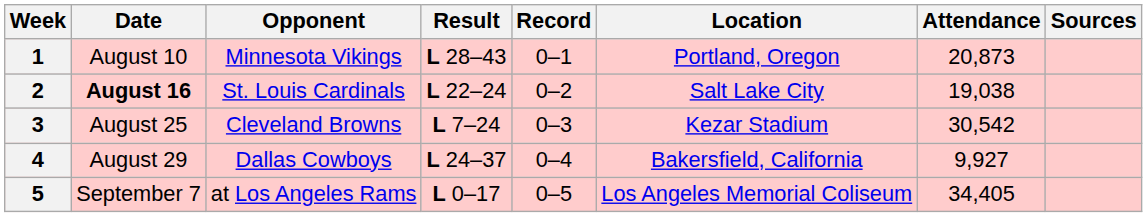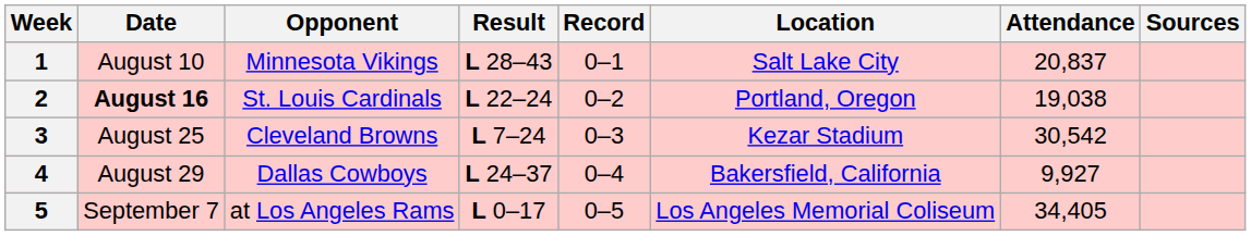 <table class="wikitable" style="text-align:center">
 <tr>
 <th>Week</th>
 <th>Date</th>
 <th>Opponent</th>
 <th>Result</th>
 <th>Record</th>
 <th>Location</th>
 <th>Attendance</th>
 <th>Sources</th>
 </tr>
 <tr style="background:#fcc">
 <th>1</th>
 <td>August 10</td>
 <td><a href='#'>Minnesota Vikings</a></td>
 <td><strong>L</strong> 28–43</td>
 <td>0–1</td>
-<td><a href='#'>Portland, Oregon</a></td>
-<td>20,873</td>
+<td><a href='#'>Salt Lake City</a></td>
+<td>20,837</td>
 <td></td>
 </tr>
 <tr style="background:#fcc">
 <th>2</th>
 <td><strong>August 16</strong></td>
 <td><a href='#'>St. Louis Cardinals</a></td>
 <td><strong>L</strong> 22–24</td>
 <td>0–2</td>
-<td><a href='#'>Salt Lake City</a></td>
+<td><a href='#'>Portland, Oregon</a></td>
 <td>19,038</td>
 <td></td>
 </tr>
 <tr style="background:#fcc">
 <th>3</th>
 <td>August 25</td>
 <td><a href='#'>Cleveland Browns</a></td>
 <td><strong>L</strong> 7–24</td>
 <td>0–3</td>
 <td><a href='#'>Kezar Stadium</a></td>
 <td>30,542</td>
 <td></td>
 </tr>
 <tr style="background:#fcc">
 <th>4</th>
 <td>August 29</td>
 <td><a href='#'>Dallas Cowboys</a></td>
 <td><strong>L</strong> 24–37</td>
 <td>0–4</td>
 <td><a href='#'>Bakersfield, California</a></td>
 <td>9,927</td>
 <td></td>
 </tr>
 <tr style="background:#fcc">
 <th>5</th>
 <td>September 7</td>
 <td>at <a href='#'>Los Angeles Rams</a></td>
 <td><strong>L</strong> 0–17</td>
 <td>0–5</td>
 <td><a href='#'>Los Angeles Memorial Coliseum</a></td>
 <td>34,405</td>
 <td></td>
 </tr>
 </table>
